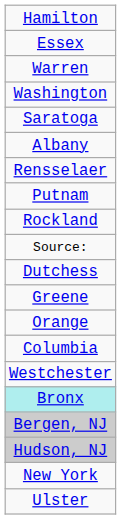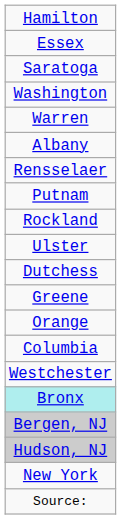 <table class="wikitable" style="float:right;">
 <tr>
 <td align=center><a href='#'>Hamilton</a></td>
 </tr>
 <tr>
 <td align=center><a href='#'>Essex</a></td>
 </tr>
 <tr>
-<td align=center><a href='#'>Warren</a></td>
+<td align=center><a href='#'>Saratoga</a></td>
 </tr>
 <tr>
 <td align=center><a href='#'>Washington</a></td>
 </tr>
 <tr>
-<td align=center><a href='#'>Saratoga</a></td>
+<td align=center><a href='#'>Warren</a></td>
 </tr>
 <tr>
 <td align=center><a href='#'>Albany</a></td>
 </tr>
 <tr>
 <td align=center><a href='#'>Rensselaer</a></td>
 </tr>
 <tr>
 <td align=center><a href='#'>Putnam</a></td>
 </tr>
 <tr>
 <td align=center><a href='#'>Rockland</a></td>
 </tr>
 <tr>
-<td align=center><small>Source:</small></td>
+<td align=center><a href='#'>Ulster</a></td>
 </tr>
 <tr>
 <td align=center><a href='#'>Dutchess</a></td>
 </tr>
 <tr>
 <td align=center><a href='#'>Greene</a></td>
 </tr>
 <tr>
 <td align=center><a href='#'>Orange</a></td>
 </tr>
 <tr>
 <td align=center><a href='#'>Columbia</a></td>
 </tr>
 <tr>
 <td align=center><a href='#'>Westchester</a></td>
 </tr>
 <tr>
 <td align=center style="background: paleturquoise;"><a href='#'>Bronx</a></td>
 </tr>
 <tr>
 <td style="text-align:center;background:#ccc;"><a href='#'>Bergen, NJ</a></td>
 </tr>
 <tr>
 <td style="text-align:center;background:#ccc;"><a href='#'>Hudson, NJ</a></td>
 </tr>
 <tr>
 <td align=center><a href='#'>New York</a></td>
 </tr>
 <tr>
-<td align=center><a href='#'>Ulster</a></td>
+<td align=center><small>Source:</small></td>
 </tr>
 </table>
